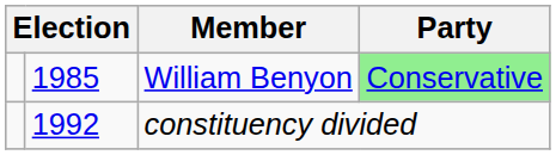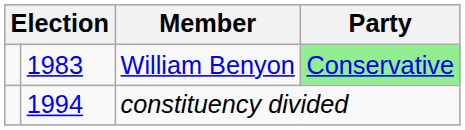 <table class="wikitable">
 <tr>
 <th colspan="2">Election</th>
 <th>Member </th>
 <th>Party</th>
 </tr>
 <tr>
 <td style="color:inherit;background-color: "></td>
-<td><a href='#'>1985</a></td>
+<td><a href='#'>1983</a></td>
 <td><a href='#'>William Benyon</a></td>
 <td style="background: lightgreen;"><a href='#'>Conservative</a></td>
 </tr>
 <tr>
 <td></td>
-<td><a href='#'>1992</a></td>
+<td><a href='#'>1994</a></td>
 <td colspan="2"><em>constituency divided</em></td>
 </tr>
 </table>
